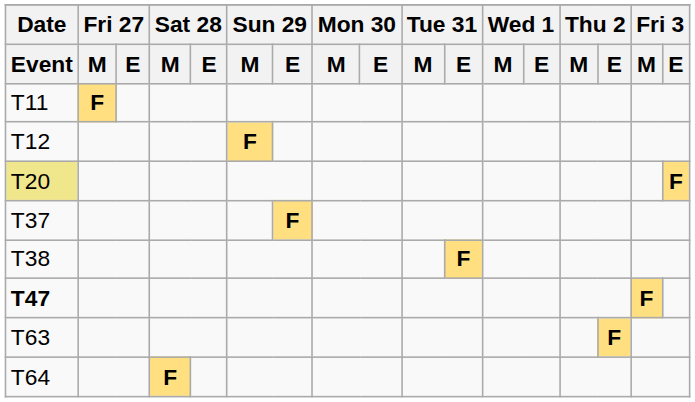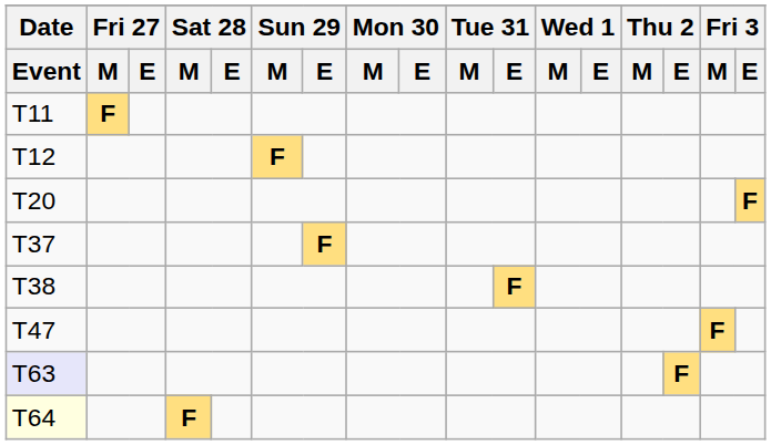 <table class="wikitable" style="margin:0.5em auto; font-size:90%; line-height:1.25em;">
 <tr align="center">
 </tr>
 <tr>
 <th>Date</th>
 <th colspan="2">Fri 27</th>
 <th colspan="2">Sat 28</th>
 <th colspan="2">Sun 29</th>
 <th colspan="2">Mon 30</th>
 <th colspan="2">Tue 31</th>
 <th colspan="2">Wed 1</th>
 <th colspan="2">Thu 2</th>
 <th colspan="2">Fri 3</th>
 </tr>
 <tr>
 <th>Event</th>
 <th>M</th>
 <th>E</th>
 <th>M</th>
 <th>E</th>
 <th>M</th>
 <th>E</th>
 <th>M</th>
 <th>E</th>
 <th>M</th>
 <th>E</th>
 <th>M</th>
 <th>E</th>
 <th>M</th>
 <th>E</th>
 <th>M</th>
 <th>E</th>
 </tr>
 <tr align="center">
 <td align="left">T11</td>
 <td bgcolor="#FFDF80"><strong>F</strong></td>
 <td></td>
 <td colspan="2"></td>
 <td colspan="2"></td>
 <td colspan="2"></td>
 <td colspan="2"></td>
 <td colspan="2"></td>
 <td colspan="2"></td>
 <td colspan="2"></td>
 </tr>
 <tr align="center">
 <td align="left">T12</td>
 <td colspan="2"></td>
 <td colspan="2"></td>
 <td bgcolor="#FFDF80"><strong>F</strong></td>
 <td></td>
 <td colspan="2"></td>
 <td colspan="2"></td>
 <td colspan="2"></td>
 <td colspan="2"></td>
 <td colspan="2"></td>
 </tr>
 <tr align="center">
-<td align="left" style="background: khaki;">T20</td>
+<td align="left">T20</td>
 <td colspan="2"></td>
 <td colspan="2"></td>
 <td colspan="2"></td>
 <td colspan="2"></td>
 <td colspan="2"></td>
 <td colspan="2"></td>
 <td colspan="2"></td>
 <td></td>
 <td bgcolor="#FFDF80"><strong>F</strong></td>
 </tr>
 <tr align="center">
 <td align="left">T37</td>
 <td colspan="2"></td>
 <td colspan="2"></td>
 <td></td>
 <td bgcolor="#FFDF80"><strong>F</strong></td>
 <td colspan="2"></td>
 <td colspan="2"></td>
 <td colspan="2"></td>
 <td colspan="2"></td>
 <td colspan="2"></td>
 </tr>
 <tr align="center">
 <td align="left">T38</td>
 <td colspan="2"></td>
 <td colspan="2"></td>
 <td colspan="2"></td>
 <td colspan="2"></td>
 <td></td>
 <td bgcolor="#FFDF80"><strong>F</strong></td>
 <td colspan="2"></td>
 <td colspan="2"></td>
 <td colspan="2"></td>
 </tr>
 <tr align="center">
-<td align="left"><strong>T47</strong></td>
+<td align="left">T47</td>
 <td colspan="2"></td>
 <td colspan="2"></td>
 <td colspan="2"></td>
 <td colspan="2"></td>
 <td colspan="2"></td>
 <td colspan="2"></td>
 <td colspan="2"></td>
 <td bgcolor="#FFDF80"><strong>F</strong></td>
 <td></td>
 </tr>
 <tr align="center">
-<td align="left">T63</td>
+<td align="left" style="background: lavender;">T63</td>
 <td colspan="2"></td>
 <td colspan="2"></td>
 <td colspan="2"></td>
 <td colspan="2"></td>
 <td colspan="2"></td>
 <td colspan="2"></td>
 <td></td>
 <td bgcolor="#FFDF80"><strong>F</strong></td>
 <td colspan="2"></td>
 </tr>
 <tr align="center">
-<td align="left">T64</td>
+<td align="left" style="background: lightyellow;">T64</td>
 <td colspan="2"></td>
 <td bgcolor="#FFDF80"><strong>F</strong></td>
 <td></td>
 <td colspan="2"></td>
 <td colspan="2"></td>
 <td colspan="2"></td>
 <td colspan="2"></td>
 <td colspan="2"></td>
 <td colspan="2"></td>
 </tr>
 </table>
